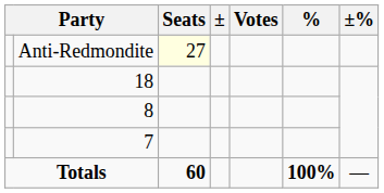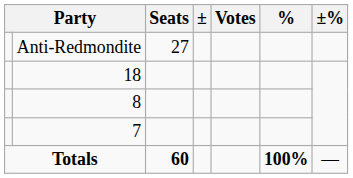 <table class=wikitable>
 <tr>
 <th colspan=2 align=center>Party</th>
 <th valign=top>Seats</th>
 <th valign=top>±</th>
 <th valign=top>Votes</th>
 <th valign=top>%</th>
 <th valign=top>±%</th>
 </tr>
 <tr>
 <td></td>
 <td>Anti-Redmondite</td>
-<td align=right style="background: lightyellow;">27</td>
+<td align=right>27</td>
 <td align=right></td>
 <td align=right></td>
 <td align=right></td>
 <td align=right></td>
 </tr>
 <tr>
 <td></td>
 <td align=right>18</td>
 <td align=right></td>
 <td align=right></td>
 <td align=right></td>
 <td align=right></td>
 </tr>
 <tr>
 <td></td>
 <td align=right>8</td>
 <td align=right></td>
 <td align=right></td>
 <td align=right></td>
 <td align=right></td>
 </tr>
 <tr>
 <td></td>
 <td align=right>7</td>
 <td align=right></td>
 <td align=right></td>
 <td align=right></td>
 <td align=right></td>
 </tr>
 <tr>
 <td colspan=2 align=center><strong>Totals</strong></td>
 <td align=right><strong>60</strong></td>
 <td align=center></td>
 <td align=right></td>
 <td align=center><strong>100%</strong></td>
 <td align=center>—</td>
 </tr>
 </table>
